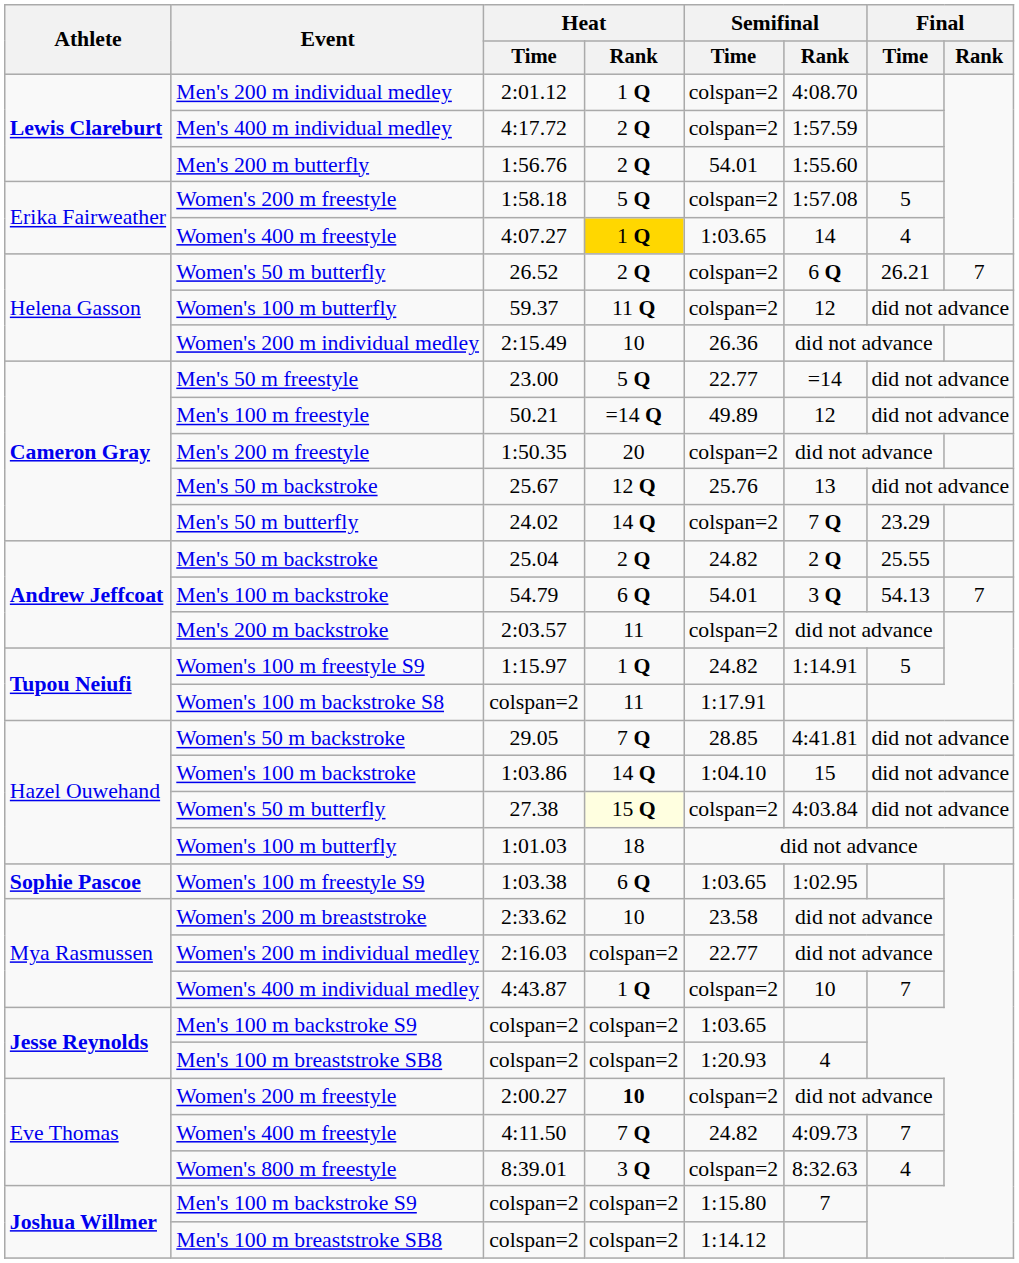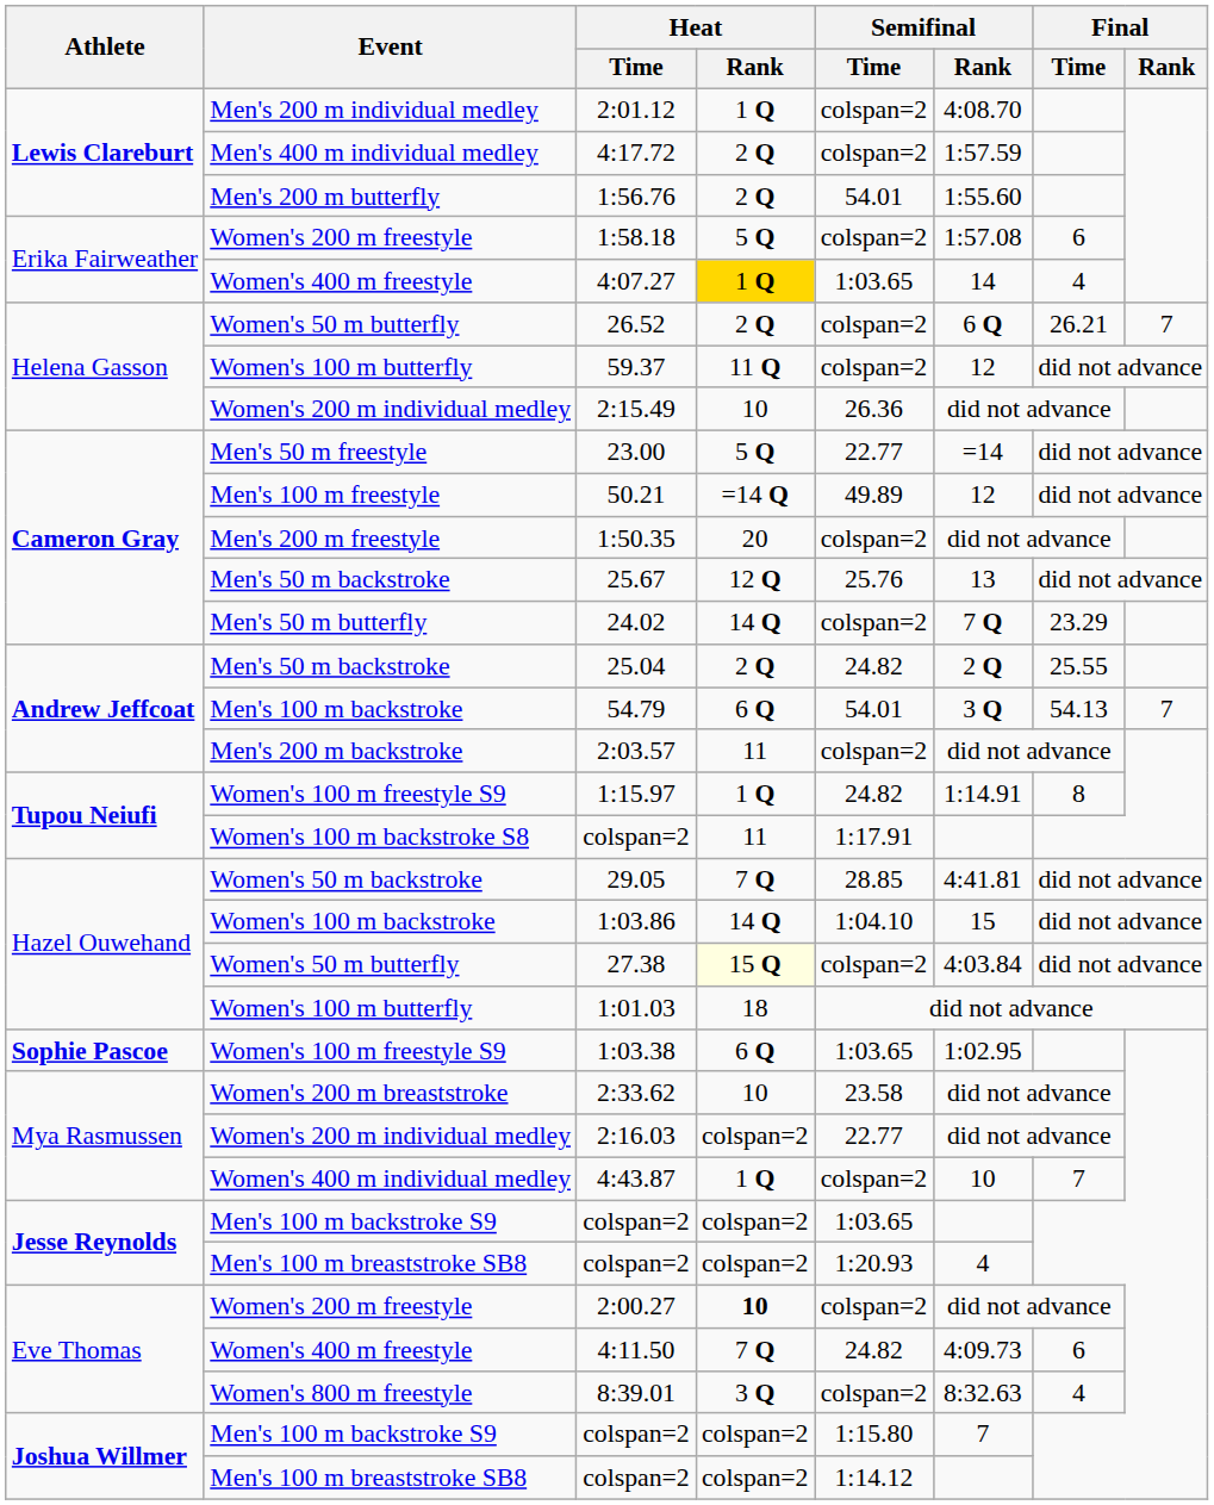 <table class=wikitable style="font-size:90%; text-align:center">
 <tr>
 <th rowspan=2>Athlete</th>
 <th rowspan=2>Event</th>
 <th colspan=2>Heat</th>
 <th colspan=2>Semifinal</th>
 <th colspan=2>Final</th>
 </tr>
 <tr style=font-size:95%>
 <th>Time</th>
 <th>Rank</th>
 <th>Time</th>
 <th>Rank</th>
 <th>Time</th>
 <th>Rank</th>
 </tr>
 <tr>
 <td align=left rowspan=3><strong><a href='#'>Lewis Clareburt</a></strong></td>
 <td align=left><a href='#'>Men's 200 m individual medley</a></td>
 <td>2:01.12</td>
 <td>1 <strong>Q</strong></td>
 <td>colspan=2 </td>
 <td>4:08.70 </td>
 <td></td>
 </tr>
 <tr>
 <td align=left><a href='#'>Men's 400 m individual medley</a></td>
 <td>4:17.72</td>
 <td>2 <strong>Q</strong></td>
 <td>colspan=2 </td>
 <td>1:57.59</td>
 <td></td>
 </tr>
 <tr>
 <td align=left><a href='#'>Men's 200 m butterfly</a></td>
 <td>1:56.76</td>
 <td>2 <strong>Q</strong></td>
 <td>54.01</td>
 <td>1:55.60</td>
 <td></td>
 </tr>
 <tr>
 <td align=left rowspan=2><a href='#'>Erika Fairweather</a></td>
 <td align=left><a href='#'>Women's 200 m freestyle</a></td>
 <td>1:58.18</td>
 <td>5 <strong>Q</strong></td>
 <td>colspan=2 </td>
 <td>1:57.08</td>
-<td>5</td>
+<td>6</td>
 </tr>
 <tr>
 <td align=left><a href='#'>Women's 400 m freestyle</a></td>
 <td>4:07.27</td>
 <td style="background: gold;">1 <strong>Q</strong></td>
 <td>1:03.65</td>
 <td>14</td>
 <td>4</td>
 </tr>
 <tr>
 <td align=left rowspan=3><a href='#'>Helena Gasson</a></td>
 <td align=left><a href='#'>Women's 50 m butterfly</a></td>
 <td>26.52</td>
 <td>2 <strong>Q</strong></td>
 <td>colspan=2 </td>
 <td>6 <strong>Q</strong></td>
 <td>26.21</td>
 <td>7</td>
 </tr>
 <tr>
 <td align=left><a href='#'>Women's 100 m butterfly</a></td>
 <td>59.37</td>
 <td>11 <strong>Q</strong></td>
 <td>colspan=2 </td>
 <td>12</td>
 <td colspan=2>did not advance</td>
 </tr>
 <tr>
 <td align=left><a href='#'>Women's 200 m individual medley</a></td>
 <td>2:15.49</td>
 <td>10</td>
 <td>26.36</td>
 <td colspan=2>did not advance</td>
 </tr>
 <tr>
 <td align=left rowspan=5><strong><a href='#'>Cameron Gray</a></strong></td>
 <td align=left><a href='#'>Men's 50 m freestyle</a></td>
 <td>23.00</td>
 <td>5 <strong>Q</strong></td>
 <td>22.77</td>
 <td>=14</td>
 <td colspan=2>did not advance</td>
 </tr>
 <tr>
 <td align=left><a href='#'>Men's 100 m freestyle</a></td>
 <td>50.21</td>
 <td>=14 <strong>Q</strong></td>
 <td>49.89</td>
 <td>12</td>
 <td colspan=2>did not advance</td>
 </tr>
 <tr>
 <td align=left><a href='#'>Men's 200 m freestyle</a></td>
 <td>1:50.35</td>
 <td>20</td>
 <td>colspan=2 </td>
 <td colspan=2>did not advance</td>
 </tr>
 <tr>
 <td align=left><a href='#'>Men's 50 m backstroke</a></td>
 <td>25.67</td>
 <td>12 <strong>Q</strong></td>
 <td>25.76</td>
 <td>13</td>
 <td colspan=2>did not advance</td>
 </tr>
 <tr>
 <td align=left><a href='#'>Men's 50 m butterfly</a></td>
 <td>24.02</td>
 <td>14 <strong>Q</strong></td>
 <td>colspan=2 </td>
 <td>7 <strong>Q</strong></td>
 <td>23.29</td>
 <td></td>
 </tr>
 <tr>
 <td align=left rowspan=3><strong><a href='#'>Andrew Jeffcoat</a></strong></td>
 <td align=left><a href='#'>Men's 50 m backstroke</a></td>
 <td>25.04</td>
 <td>2 <strong>Q</strong></td>
 <td>24.82</td>
 <td>2 <strong>Q</strong></td>
 <td>25.55</td>
 <td></td>
 </tr>
 <tr>
 <td align=left><a href='#'>Men's 100 m backstroke</a></td>
 <td>54.79</td>
 <td>6 <strong>Q</strong></td>
 <td>54.01</td>
 <td>3 <strong>Q</strong></td>
 <td>54.13</td>
 <td>7</td>
 </tr>
 <tr>
 <td align=left><a href='#'>Men's 200 m backstroke</a></td>
 <td>2:03.57</td>
 <td>11</td>
 <td>colspan=2 </td>
 <td colspan=2>did not advance</td>
 </tr>
 <tr>
 <td align=left rowspan=2><strong><a href='#'>Tupou Neiufi</a></strong></td>
 <td align=left><a href='#'>Women's 100 m freestyle S9</a></td>
 <td>1:15.97</td>
 <td>1 <strong>Q</strong></td>
 <td>24.82</td>
 <td>1:14.91</td>
-<td>5</td>
+<td>8</td>
 </tr>
 <tr>
 <td align=left><a href='#'>Women's 100 m backstroke S8</a></td>
 <td>colspan=2 </td>
 <td>11</td>
 <td>1:17.91</td>
 <td></td>
 </tr>
 <tr>
 <td align=left rowspan=4><a href='#'>Hazel Ouwehand</a></td>
 <td align=left><a href='#'>Women's 50 m backstroke</a></td>
 <td>29.05</td>
 <td>7 <strong>Q</strong></td>
 <td>28.85</td>
 <td>4:41.81</td>
 <td colspan=2>did not advance</td>
 </tr>
 <tr>
 <td align=left><a href='#'>Women's 100 m backstroke</a></td>
 <td>1:03.86</td>
 <td>14 <strong>Q</strong></td>
 <td>1:04.10</td>
 <td>15</td>
 <td colspan=2>did not advance</td>
 </tr>
 <tr>
 <td align=left><a href='#'>Women's 50 m butterfly</a></td>
 <td>27.38</td>
 <td style="background: lightyellow;">15 <strong>Q</strong></td>
 <td>colspan=2 </td>
 <td>4:03.84</td>
 <td colspan=2>did not advance</td>
 </tr>
 <tr>
 <td align=left><a href='#'>Women's 100 m butterfly</a></td>
 <td>1:01.03</td>
 <td>18</td>
 <td colspan=4>did not advance</td>
 </tr>
 <tr>
 <td align=left><strong><a href='#'>Sophie Pascoe</a></strong></td>
 <td align=left><a href='#'>Women's 100 m freestyle S9</a></td>
 <td>1:03.38</td>
 <td>6 <strong>Q</strong></td>
 <td>1:03.65</td>
 <td>1:02.95</td>
 <td></td>
 </tr>
 <tr>
 <td align=left rowspan=3><a href='#'>Mya Rasmussen</a></td>
 <td align=left><a href='#'>Women's 200 m breaststroke</a></td>
 <td>2:33.62</td>
 <td>10</td>
 <td>23.58</td>
 <td colspan=2>did not advance</td>
 </tr>
 <tr>
 <td align=left><a href='#'>Women's 200 m individual medley</a></td>
 <td>2:16.03</td>
 <td>colspan=2 </td>
 <td>22.77</td>
 <td colspan=2>did not advance</td>
 </tr>
 <tr>
 <td align=left><a href='#'>Women's 400 m individual medley</a></td>
 <td>4:43.87</td>
 <td>1 <strong>Q</strong></td>
 <td>colspan=2 </td>
 <td>10</td>
 <td>7</td>
 </tr>
 <tr>
 <td align=left rowspan=2><strong><a href='#'>Jesse Reynolds</a></strong></td>
 <td align=left><a href='#'>Men's 100 m backstroke S9</a></td>
 <td>colspan=2 </td>
 <td>colspan=2 </td>
 <td>1:03.65</td>
 <td></td>
 </tr>
 <tr>
 <td align=left><a href='#'>Men's 100 m breaststroke SB8</a></td>
 <td>colspan=2 </td>
 <td>colspan=2 </td>
 <td>1:20.93</td>
 <td>4</td>
 </tr>
 <tr>
 <td align=left rowspan=3><a href='#'>Eve Thomas</a></td>
 <td align=left><a href='#'>Women's 200 m freestyle</a></td>
 <td>2:00.27</td>
 <td><strong>10</strong></td>
 <td>colspan=2 </td>
 <td colspan=2>did not advance</td>
 </tr>
 <tr>
 <td align=left><a href='#'>Women's 400 m freestyle</a></td>
 <td>4:11.50</td>
 <td>7 <strong>Q</strong></td>
 <td>24.82</td>
 <td>4:09.73</td>
-<td>7</td>
+<td>6</td>
 </tr>
 <tr>
 <td align=left><a href='#'>Women's 800 m freestyle</a></td>
 <td>8:39.01</td>
 <td>3 <strong>Q</strong></td>
 <td>colspan=2 </td>
 <td>8:32.63</td>
 <td>4</td>
 </tr>
 <tr>
 <td align=left rowspan=2><strong><a href='#'>Joshua Willmer</a></strong></td>
 <td align=left><a href='#'>Men's 100 m backstroke S9</a></td>
 <td>colspan=2 </td>
 <td>colspan=2 </td>
 <td>1:15.80</td>
 <td>7</td>
 </tr>
 <tr>
 <td align=left><a href='#'>Men's 100 m breaststroke SB8</a></td>
 <td>colspan=2 </td>
 <td>colspan=2 </td>
 <td>1:14.12</td>
 <td></td>
 </tr>
 </table>
